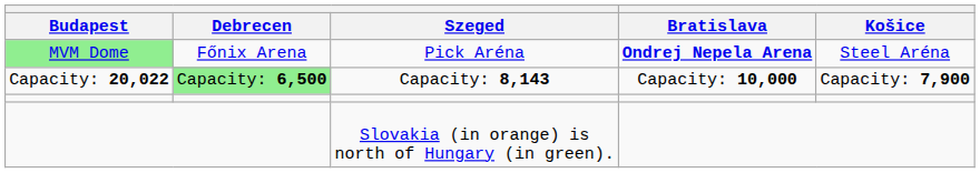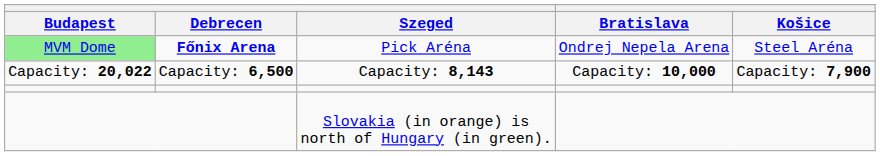 <table class="wikitable" style="text-align: center;">
 <tr>
 <th colspan="3"></th>
 <th colspan="2"></th>
 </tr>
 <tr>
 <th><a href='#'>Budapest</a></th>
 <th><a href='#'>Debrecen</a></th>
 <th><a href='#'>Szeged</a></th>
 <th><a href='#'>Bratislava</a></th>
 <th><a href='#'>Košice</a></th>
 </tr>
 <tr>
 <td style="background: lightgreen;"><a href='#'>MVM Dome</a></td>
-<td><a href='#'>Főnix Arena</a></td>
+<td><strong><a href='#'>Főnix Arena</a></strong></td>
 <td><a href='#'>Pick Aréna</a></td>
-<td><strong><a href='#'>Ondrej Nepela Arena</a></strong></td>
+<td><a href='#'>Ondrej Nepela Arena</a></td>
 <td><a href='#'>Steel Aréna</a></td>
 </tr>
 <tr>
 <td>Capacity: <strong>20,022</strong></td>
-<td style="background: lightgreen;">Capacity: <strong>6,500</strong></td>
+<td>Capacity: <strong>6,500</strong></td>
 <td>Capacity: <strong>8,143</strong></td>
 <td>Capacity: <strong>10,000</strong></td>
 <td>Capacity: <strong>7,900</strong></td>
 </tr>
 <tr>
 <td></td>
 <td></td>
 <td></td>
 <td></td>
 <td></td>
 </tr>
 <tr>
 <td colspan="2"></td>
 <td><br><a href='#'>Slovakia</a> (in orange) is<br>north of <a href='#'>Hungary</a> (in green).</td>
 <td colspan="3"></td>
 </tr>
 </table>
